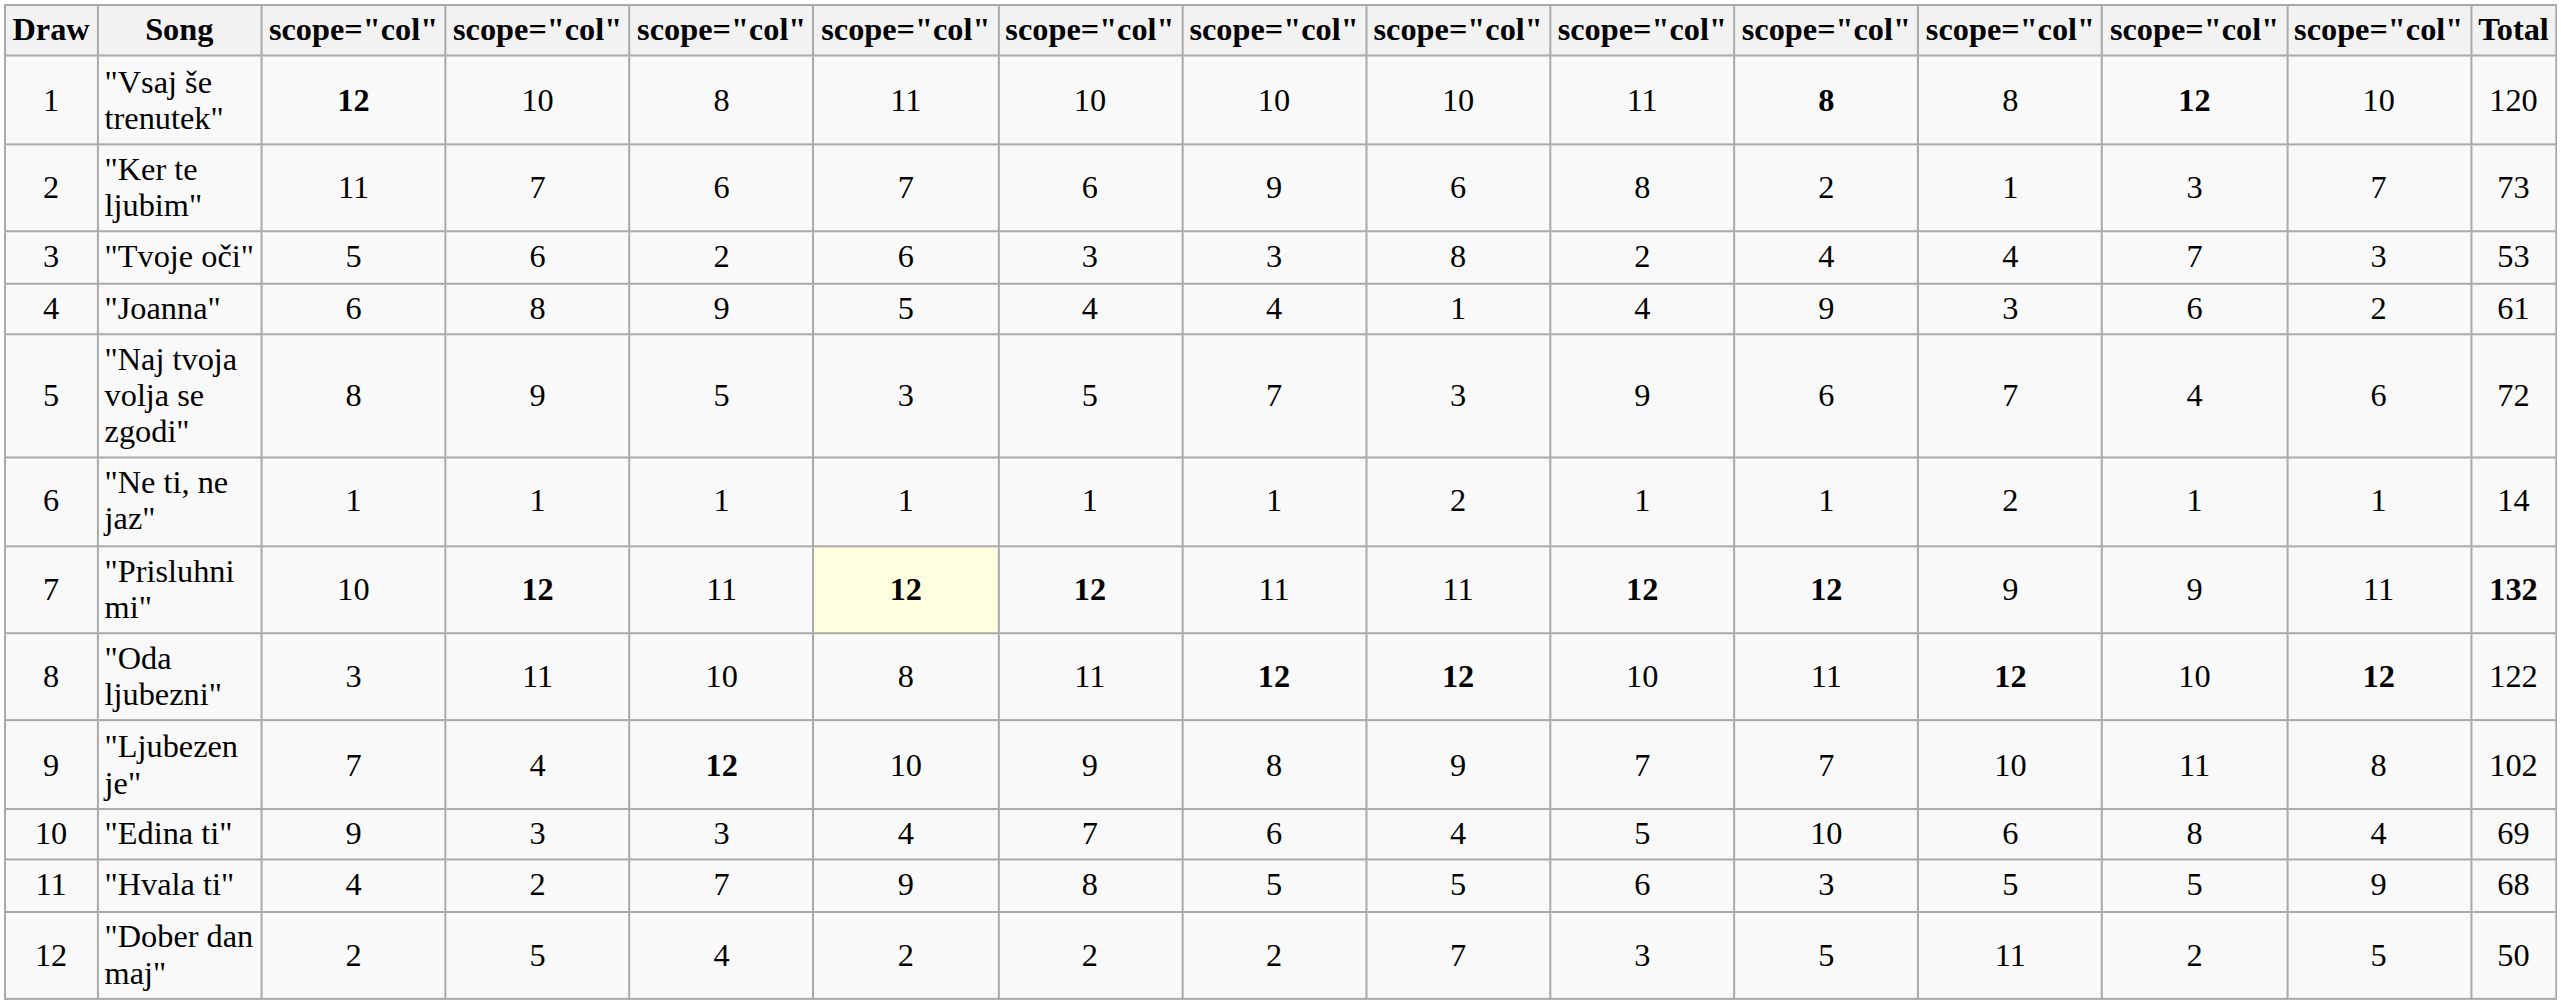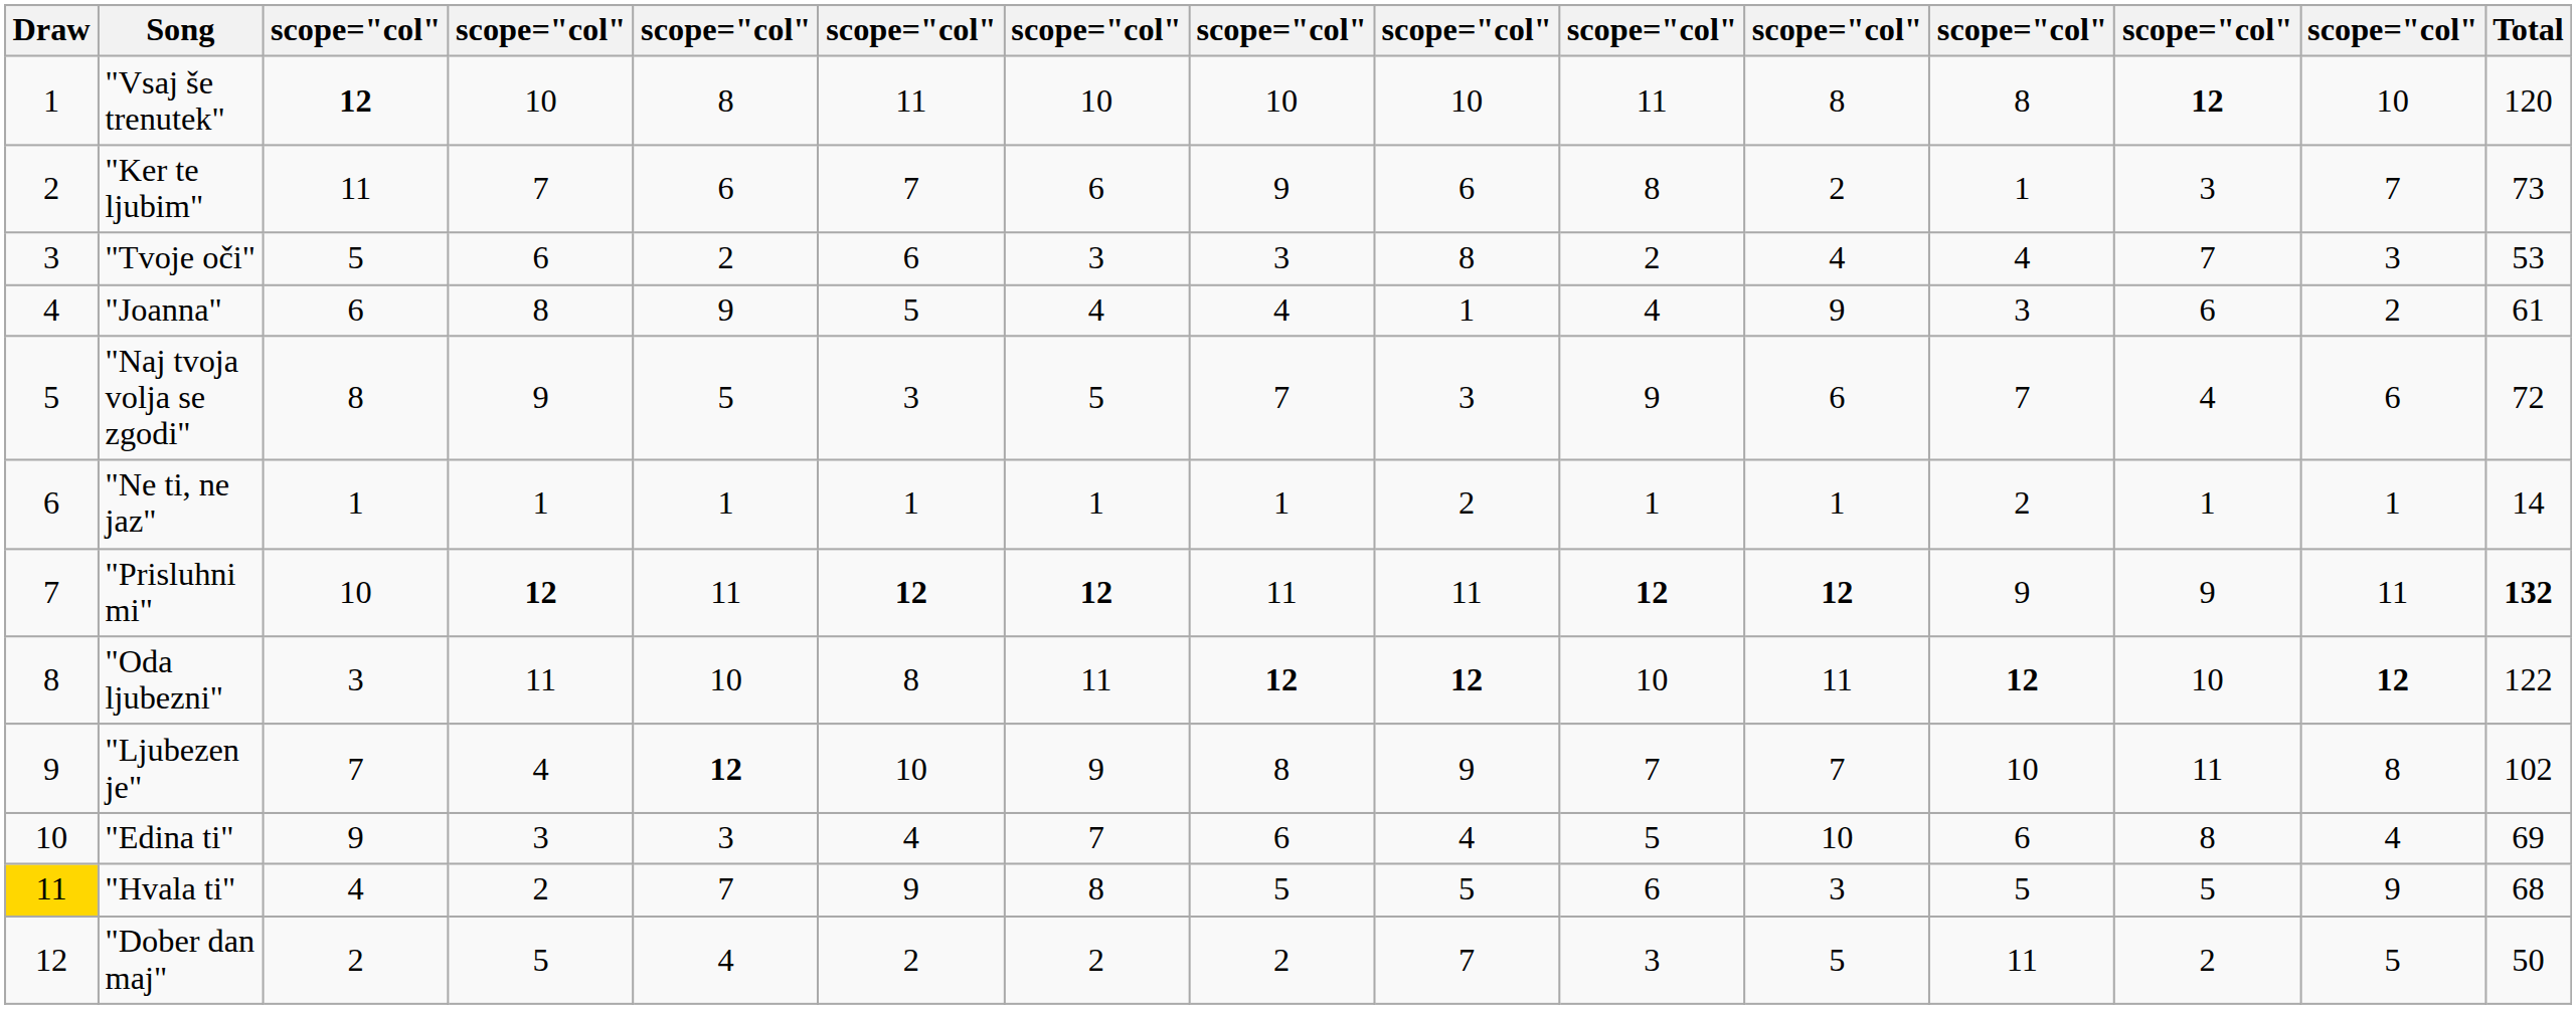 <table class="wikitable plainrowheaders" style="margin: 1em auto 1em auto; text-align:center;">
 <tr>
 </tr>
 <tr>
 <th scope="col">Draw</th>
 <th scope="col">Song</th>
 <th>scope="col" </th>
 <th>scope="col" </th>
 <th>scope="col" </th>
 <th>scope="col" </th>
 <th>scope="col" </th>
 <th>scope="col" </th>
 <th>scope="col" </th>
 <th>scope="col" </th>
 <th>scope="col" </th>
 <th>scope="col" </th>
 <th>scope="col" </th>
 <th>scope="col" </th>
 <th scope="col">Total</th>
 </tr>
 <tr>
 <td>1</td>
 <td align="left">"Vsaj še trenutek"</td>
 <td><strong>12</strong></td>
 <td>10</td>
 <td>8</td>
 <td>11</td>
 <td>10</td>
 <td>10</td>
 <td>10</td>
 <td>11</td>
-<td><strong>8</strong></td>
+<td>8</td>
 <td>8</td>
 <td><strong>12</strong></td>
 <td>10</td>
 <td>120</td>
 </tr>
 <tr>
 <td>2</td>
 <td align="left">"Ker te ljubim"</td>
 <td>11</td>
 <td>7</td>
 <td>6</td>
 <td>7</td>
 <td>6</td>
 <td>9</td>
 <td>6</td>
 <td>8</td>
 <td>2</td>
 <td>1</td>
 <td>3</td>
 <td>7</td>
 <td>73</td>
 </tr>
 <tr>
 <td>3</td>
 <td align="left">"Tvoje oči"</td>
 <td>5</td>
 <td>6</td>
 <td>2</td>
 <td>6</td>
 <td>3</td>
 <td>3</td>
 <td>8</td>
 <td>2</td>
 <td>4</td>
 <td>4</td>
 <td>7</td>
 <td>3</td>
 <td>53</td>
 </tr>
 <tr>
 <td>4</td>
 <td align="left">"Joanna"</td>
 <td>6</td>
 <td>8</td>
 <td>9</td>
 <td>5</td>
 <td>4</td>
 <td>4</td>
 <td>1</td>
 <td>4</td>
 <td>9</td>
 <td>3</td>
 <td>6</td>
 <td>2</td>
 <td>61</td>
 </tr>
 <tr>
 <td>5</td>
 <td align="left">"Naj tvoja volja se zgodi"</td>
 <td>8</td>
 <td>9</td>
 <td>5</td>
 <td>3</td>
 <td>5</td>
 <td>7</td>
 <td>3</td>
 <td>9</td>
 <td>6</td>
 <td>7</td>
 <td>4</td>
 <td>6</td>
 <td>72</td>
 </tr>
 <tr>
 <td>6</td>
 <td align="left">"Ne ti, ne jaz"</td>
 <td>1</td>
 <td>1</td>
 <td>1</td>
 <td>1</td>
 <td>1</td>
 <td>1</td>
 <td>2</td>
 <td>1</td>
 <td>1</td>
 <td>2</td>
 <td>1</td>
 <td>1</td>
 <td>14</td>
 </tr>
 <tr>
 <td>7</td>
 <td align="left">"Prisluhni mi"</td>
 <td>10</td>
 <td><strong>12</strong></td>
 <td>11</td>
-<td style="background: lightyellow;"><strong>12</strong></td>
+<td><strong>12</strong></td>
 <td><strong>12</strong></td>
 <td>11</td>
 <td>11</td>
 <td><strong>12</strong></td>
 <td><strong>12</strong></td>
 <td>9</td>
 <td>9</td>
 <td>11</td>
 <td><strong>132</strong></td>
 </tr>
 <tr>
 <td>8</td>
 <td align="left">"Oda ljubezni"</td>
 <td>3</td>
 <td>11</td>
 <td>10</td>
 <td>8</td>
 <td>11</td>
 <td><strong>12</strong></td>
 <td><strong>12</strong></td>
 <td>10</td>
 <td>11</td>
 <td><strong>12</strong></td>
 <td>10</td>
 <td><strong>12</strong></td>
 <td>122</td>
 </tr>
 <tr>
 <td>9</td>
 <td align="left">"Ljubezen je"</td>
 <td>7</td>
 <td>4</td>
 <td><strong>12</strong></td>
 <td>10</td>
 <td>9</td>
 <td>8</td>
 <td>9</td>
 <td>7</td>
 <td>7</td>
 <td>10</td>
 <td>11</td>
 <td>8</td>
 <td>102</td>
 </tr>
 <tr>
 <td>10</td>
 <td align="left">"Edina ti"</td>
 <td>9</td>
 <td>3</td>
 <td>3</td>
 <td>4</td>
 <td>7</td>
 <td>6</td>
 <td>4</td>
 <td>5</td>
 <td>10</td>
 <td>6</td>
 <td>8</td>
 <td>4</td>
 <td>69</td>
 </tr>
 <tr>
-<td>11</td>
+<td style="background: gold;">11</td>
 <td align="left">"Hvala ti"</td>
 <td>4</td>
 <td>2</td>
 <td>7</td>
 <td>9</td>
 <td>8</td>
 <td>5</td>
 <td>5</td>
 <td>6</td>
 <td>3</td>
 <td>5</td>
 <td>5</td>
 <td>9</td>
 <td>68</td>
 </tr>
 <tr>
 <td>12</td>
 <td align="left">"Dober dan maj"</td>
 <td>2</td>
 <td>5</td>
 <td>4</td>
 <td>2</td>
 <td>2</td>
 <td>2</td>
 <td>7</td>
 <td>3</td>
 <td>5</td>
 <td>11</td>
 <td>2</td>
 <td>5</td>
 <td>50</td>
 </tr>
 </table>
